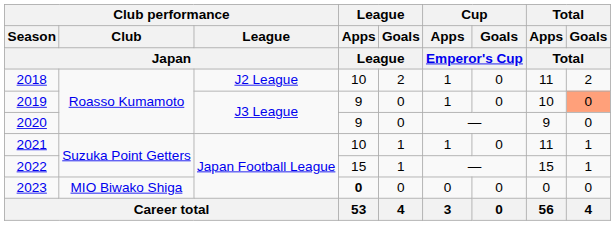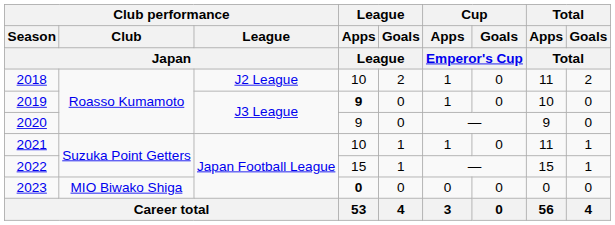 <table class="wikitable" style="text-align:center">
 <tr>
 <th colspan=3>Club performance</th>
 <th colspan=2>League</th>
 <th colspan=2>Cup</th>
 <th colspan=2>Total</th>
 </tr>
 <tr>
 <th>Season</th>
 <th>Club</th>
 <th>League</th>
 <th>Apps</th>
 <th>Goals</th>
 <th>Apps</th>
 <th>Goals</th>
 <th>Apps</th>
 <th>Goals</th>
 </tr>
 <tr>
 <th colspan=3>Japan</th>
 <th colspan=2>League</th>
 <th colspan=2><a href='#'>Emperor's Cup</a></th>
 <th colspan=2>Total</th>
 </tr>
 <tr>
 <td><a href='#'>2018</a></td>
 <td rowspan="3"><a href='#'>Roasso Kumamoto</a></td>
 <td><a href='#'>J2 League</a></td>
 <td>10</td>
 <td>2</td>
 <td>1</td>
 <td>0</td>
 <td>11</td>
 <td>2</td>
 </tr>
 <tr>
 <td><a href='#'>2019</a></td>
 <td rowspan="2"><a href='#'>J3 League</a></td>
-<td>9</td>
+<td><strong>9</strong></td>
 <td>0</td>
 <td>1</td>
 <td>0</td>
 <td>10</td>
-<td style="background: lightsalmon;">0</td>
+<td>0</td>
 </tr>
 <tr>
 <td><a href='#'>2020</a></td>
 <td>9</td>
 <td>0</td>
 <td colspan="2">—</td>
 <td>9</td>
 <td>0</td>
 </tr>
 <tr>
 <td><a href='#'>2021</a></td>
 <td rowspan="2"><a href='#'>Suzuka Point Getters</a></td>
 <td rowspan="3"><a href='#'>Japan Football League</a></td>
 <td>10</td>
 <td>1</td>
 <td>1</td>
 <td>0</td>
 <td>11</td>
 <td>1</td>
 </tr>
 <tr>
 <td><a href='#'>2022</a></td>
 <td>15</td>
 <td>1</td>
 <td colspan="2">—</td>
 <td>15</td>
 <td>1</td>
 </tr>
 <tr>
 <td><a href='#'>2023</a></td>
 <td><a href='#'>MIO Biwako Shiga</a></td>
 <td><strong>0</strong></td>
 <td>0</td>
 <td>0</td>
 <td>0</td>
 <td>0</td>
 <td>0</td>
 </tr>
 <tr>
 <th colspan=3>Career total</th>
 <th>53</th>
 <th>4</th>
 <th>3</th>
 <th>0</th>
 <th>56</th>
 <th>4</th>
 </tr>
 </table>
